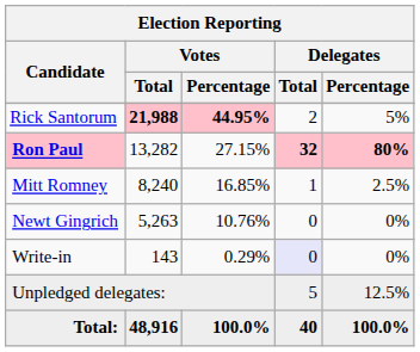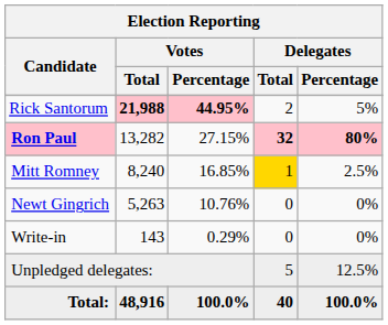 <table class="wikitable" style="font-size:12px;">
 <tr bgcolor="#e9e9e9">
 <th colspan="5" style="padding:4px;">Election Reporting</th>
 </tr>
 <tr bgcolor="#eeeeee">
 <th rowspan="2">Candidate</th>
 <th colspan="2">Votes</th>
 <th colspan="2">Delegates</th>
 </tr>
 <tr>
 <th>Total</th>
 <th>Percentage</th>
 <th>Total</th>
 <th>Percentage</th>
 </tr>
 <tr bgcolor="#EEEEEE">
 </tr>
 <tr align="right">
 <td align="left"><a href='#'>Rick Santorum</a></td>
 <td bgcolor="pink"><strong>21,988</strong></td>
 <td bgcolor="pink"><strong>44.95%</strong></td>
 <td>2</td>
 <td>5%</td>
 </tr>
 <tr style="text-align:right;">
 <td bgcolor="pink" style="text-align:left; padding:4px;"> <strong><a href='#'>Ron Paul</a></strong></td>
 <td>13,282</td>
 <td>27.15%</td>
 <td bgcolor="pink"><strong>32</strong></td>
 <td bgcolor="pink"><strong>80%</strong></td>
 </tr>
 <tr style="text-align:right;">
 <td style="text-align:left; padding:4px;"><a href='#'>Mitt Romney</a></td>
 <td>8,240</td>
 <td>16.85%</td>
-<td>1</td>
+<td style="background: gold;">1</td>
 <td>2.5%</td>
 </tr>
 <tr style="text-align:right;">
 <td style="text-align:left; padding:4px;"><a href='#'>Newt Gingrich</a></td>
 <td>5,263</td>
 <td>10.76%</td>
 <td>0</td>
 <td>0%</td>
 </tr>
 <tr style="text-align:right;">
 <td style="text-align:left; padding:4px;">Write-in</td>
 <td>143</td>
 <td>0.29%</td>
-<td style="background: lavender;">0</td>
+<td>0</td>
 <td>0%</td>
 </tr>
 <tr style="text-align:right; background:#EEE;">
 <td colspan="3" style="text-align:left; padding:4px;">Unpledged delegates:</td>
 <td>5</td>
 <td>12.5%</td>
 </tr>
 <tr bgcolor="#EEEEEE" style="text-align:right;">
 <td style="padding:4px;"><strong>Total:</strong></td>
 <td><strong>48,916</strong></td>
 <td><strong>100.0%</strong></td>
 <td><strong>40</strong></td>
 <td><strong>100.0%</strong></td>
 </tr>
 </table>
